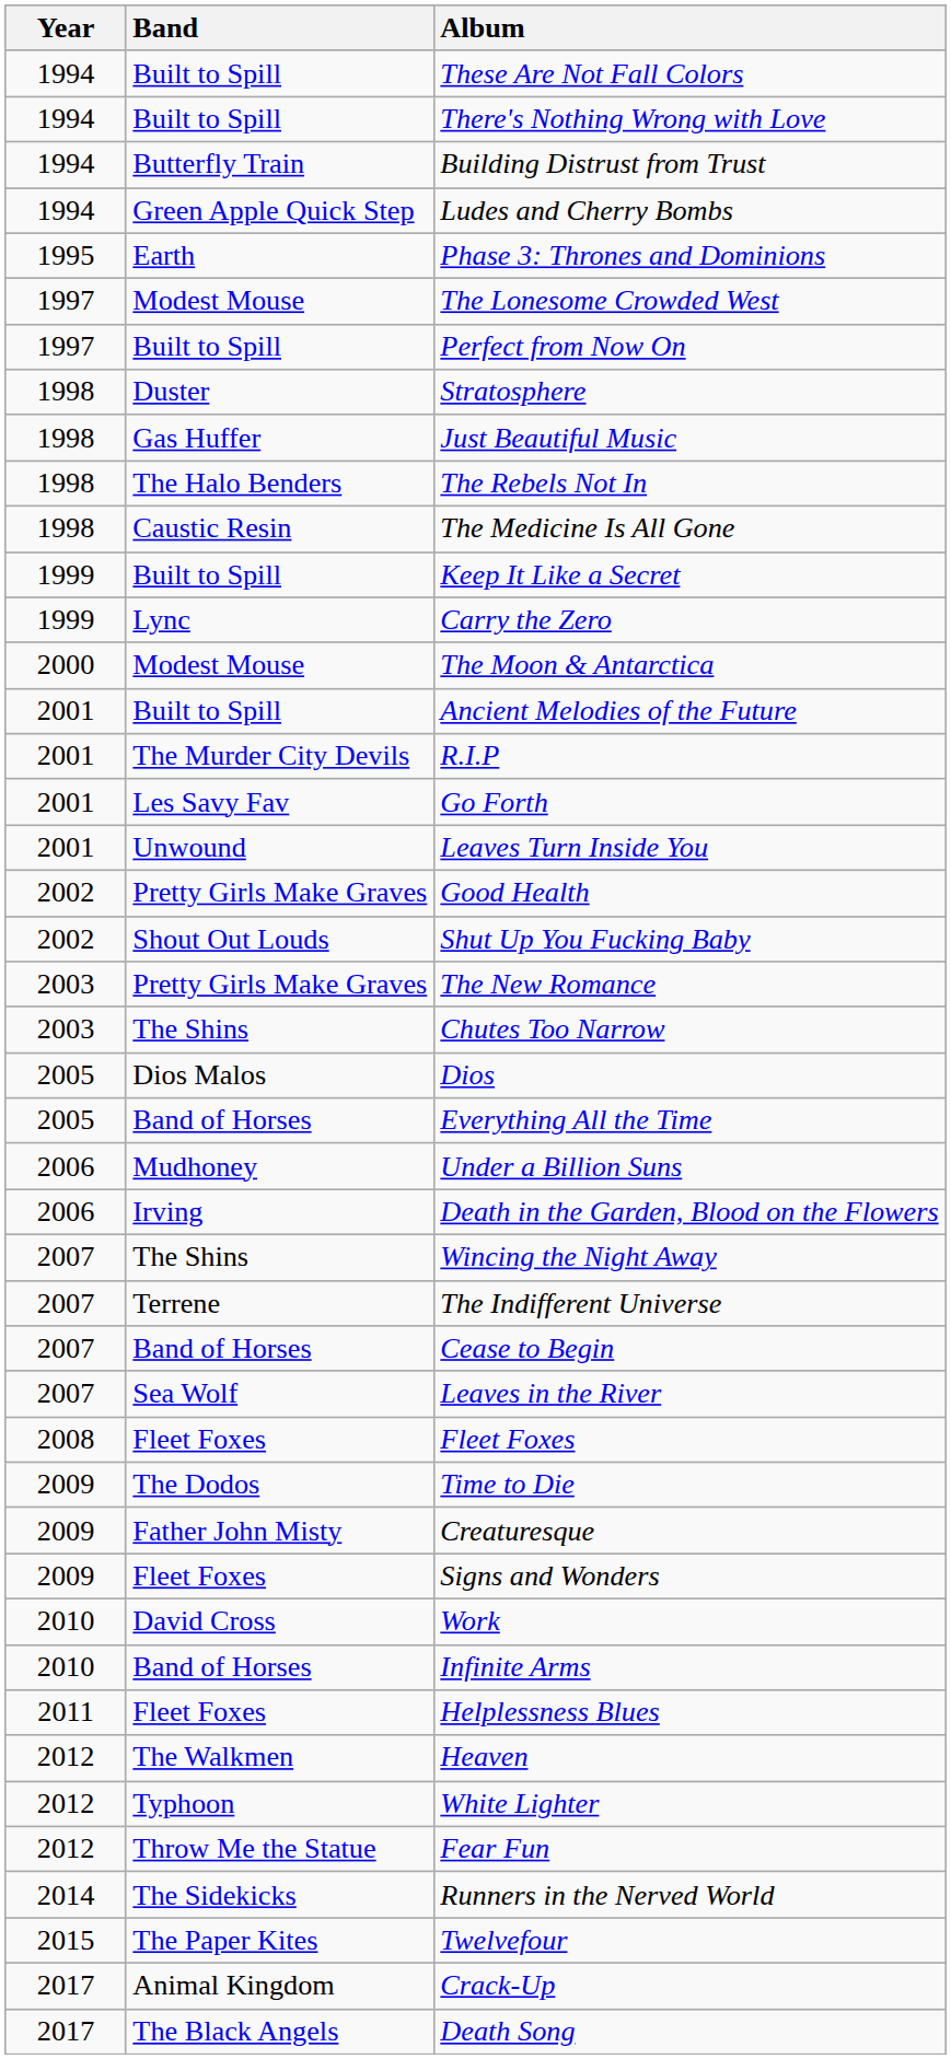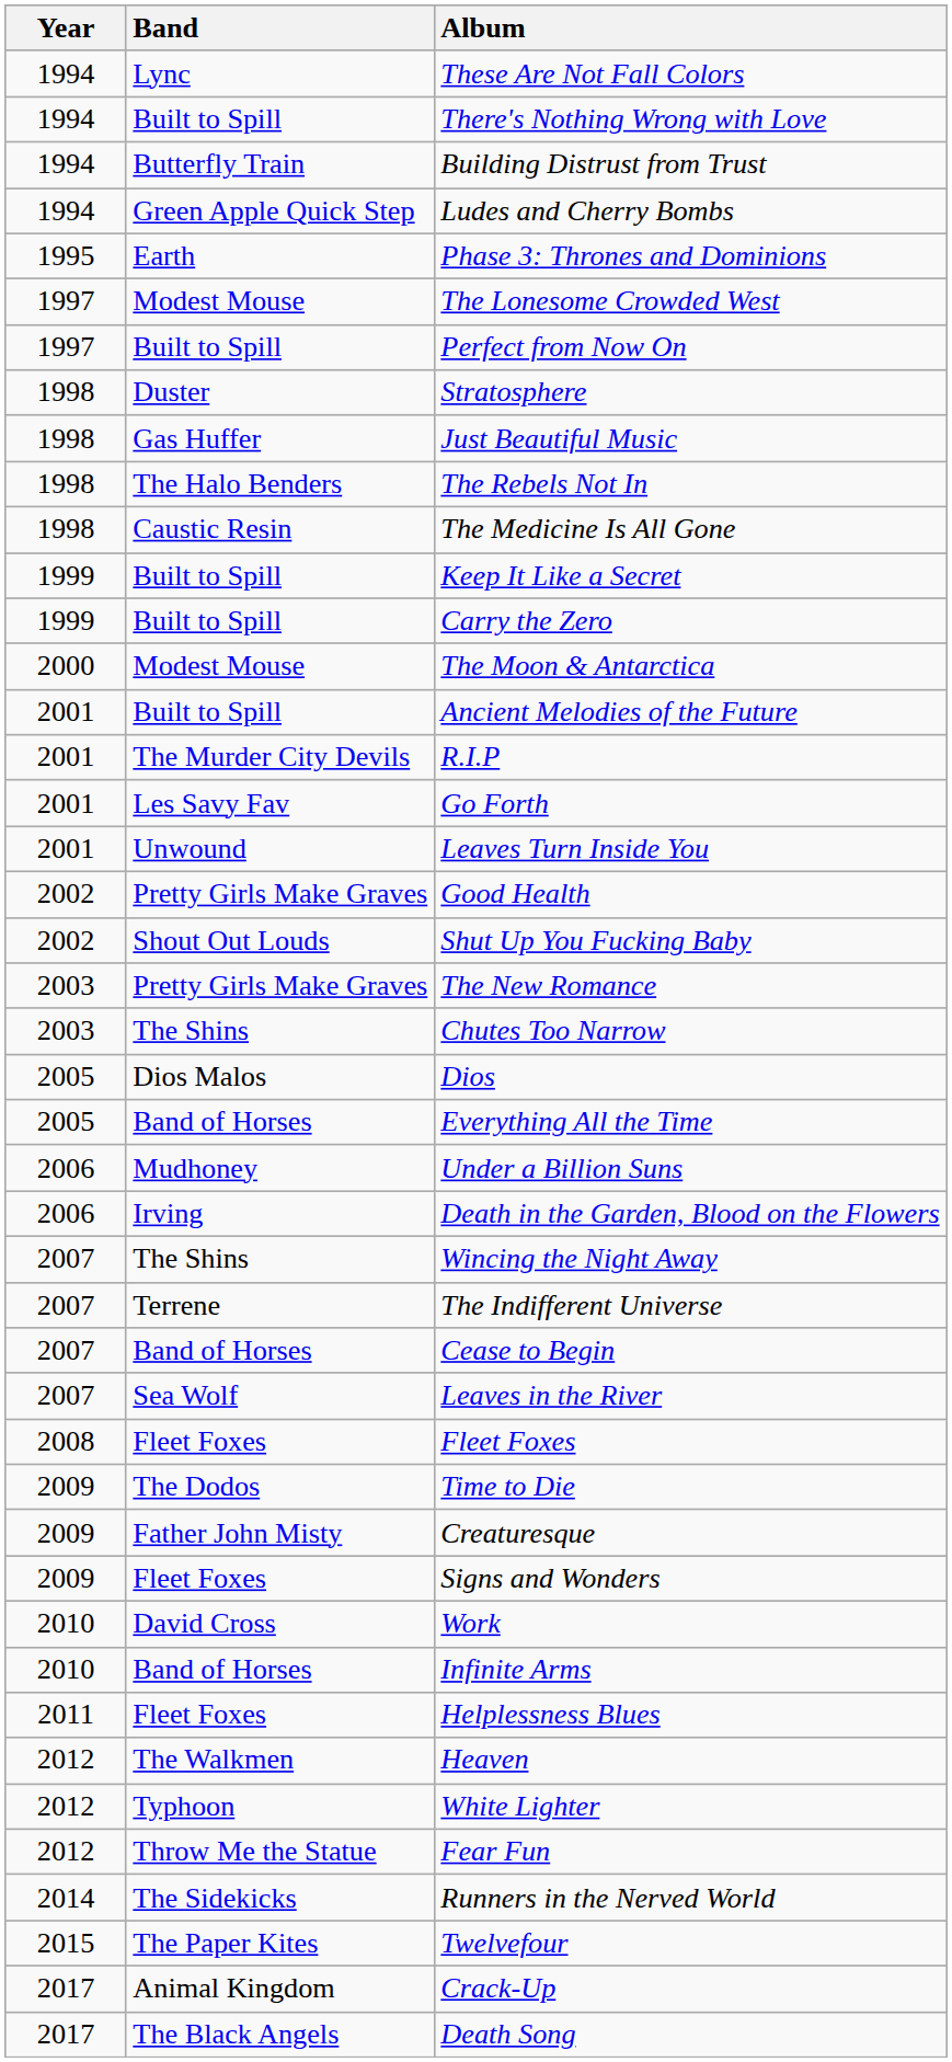 <table class="wikitable">
 <tr>
 <th style="vertical-align:top; text-align:center; width:60px;">Year</th>
 <th style="text-align:left; vertical-align:top;">Band</th>
 <th style="text-align:left; vertical-align:top;">Album</th>
 </tr>
 <tr style="vertical-align:top;">
 <td style="text-align:center; width:40px;">1994</td>
-<td style="text-align:left; vertical-align:top;"><a href='#'>Built to Spill</a></td>
+<td style="text-align:left; "><a href='#'>Lync</a></td>
 <td style="text-align:left; "><em><a href='#'>These Are Not Fall Colors</a></em></td>
 </tr>
 <tr style="vertical-align:top;">
 <td style="text-align:center; width:40px;">1994</td>
 <td style="text-align:left; "><a href='#'>Built to Spill</a></td>
 <td style="text-align:left; "><em><a href='#'>There's Nothing Wrong with Love</a></em></td>
 </tr>
 <tr style="vertical-align:top;">
 <td style="text-align:center; width:40px;">1994</td>
 <td style="text-align:left; "><a href='#'>Butterfly Train</a></td>
 <td style="text-align:left; "><em>Building Distrust from Trust</em></td>
 </tr>
 <tr style="vertical-align:top;">
 <td style="text-align:center; width:40px;">1994</td>
 <td style="text-align:left; "><a href='#'>Green Apple Quick Step</a></td>
 <td style="text-align:left; "><em>Ludes and Cherry Bombs</em></td>
 </tr>
 <tr>
 <td style="vertical-align:top; text-align:center; width:40px;">1995</td>
 <td style="text-align:left; vertical-align:top;"><a href='#'>Earth</a></td>
 <td style="text-align:left; vertical-align:top;"><em><a href='#'>Phase 3: Thrones and Dominions</a></em></td>
 </tr>
 <tr style="vertical-align:top;">
 <td style="text-align:center; width:40px;">1997</td>
 <td style="text-align:left; "><a href='#'>Modest Mouse</a></td>
 <td style="text-align:left; "><em><a href='#'>The Lonesome Crowded West</a></em></td>
 </tr>
 <tr style="vertical-align:top;">
 <td style="text-align:center; width:40px;">1997</td>
 <td style="text-align:left; "><a href='#'>Built to Spill</a></td>
 <td style="text-align:left; "><em><a href='#'>Perfect from Now On</a></em></td>
 </tr>
 <tr>
 <td style="vertical-align:top; text-align:center; width:40px;">1998</td>
 <td><a href='#'>Duster</a></td>
 <td><em><a href='#'>Stratosphere</a></em></td>
 </tr>
 <tr style="vertical-align:top;">
 <td style="text-align:center; width:40px;">1998</td>
 <td style="text-align:left; "><a href='#'>Gas Huffer</a></td>
 <td style="text-align:left; "><em><a href='#'>Just Beautiful Music</a></em></td>
 </tr>
 <tr style="vertical-align:top;">
 <td style="text-align:center; width:40px;">1998</td>
 <td style="text-align:left; "><a href='#'>The Halo Benders</a></td>
 <td style="text-align:left; "><em><a href='#'>The Rebels Not In</a></em></td>
 </tr>
 <tr style="vertical-align:top;">
 <td style="text-align:center; width:40px;">1998</td>
 <td style="text-align:left; "><a href='#'>Caustic Resin</a></td>
 <td style="text-align:left; "><em>The Medicine Is All Gone</em></td>
 </tr>
 <tr style="vertical-align:top;">
 <td style="text-align:center; width:40px;">1999</td>
 <td style="text-align:left; "><a href='#'>Built to Spill</a></td>
 <td style="text-align:left; "><em><a href='#'>Keep It Like a Secret</a></em></td>
 </tr>
 <tr>
 <td style="vertical-align:top; text-align:center; width:40px;">1999</td>
-<td style="text-align:left; "><a href='#'>Lync</a></td>
+<td style="text-align:left; vertical-align:top;"><a href='#'>Built to Spill</a></td>
 <td style="text-align:left; vertical-align:top;"><em><a href='#'>Carry the Zero</a></em></td>
 </tr>
 <tr>
 <td style="vertical-align:top; text-align:center; width:40px;">2000</td>
 <td style="text-align:left; vertical-align:top;"><a href='#'>Modest Mouse</a></td>
 <td style="text-align:left; vertical-align:top;"><em><a href='#'>The Moon & Antarctica</a></em></td>
 </tr>
 <tr style="vertical-align:top;">
 <td style="text-align:center; width:40px;">2001</td>
 <td style="text-align:left; "><a href='#'>Built to Spill</a></td>
 <td style="text-align:left; "><em><a href='#'>Ancient Melodies of the Future</a></em></td>
 </tr>
 <tr style="vertical-align:top;">
 <td style="text-align:center; width:40px;">2001</td>
 <td style="text-align:left; "><a href='#'>The Murder City Devils</a></td>
 <td style="text-align:left; "><em><a href='#'>R.I.P</a></em></td>
 </tr>
 <tr style="vertical-align:top;">
 <td style="text-align:center; width:40px;">2001</td>
 <td style="text-align:left; "><a href='#'>Les Savy Fav</a></td>
 <td style="text-align:left; "><em><a href='#'>Go Forth</a></em></td>
 </tr>
 <tr style="vertical-align:top;">
 <td style="text-align:center; width:40px;">2001</td>
 <td style="text-align:left; "><a href='#'>Unwound</a></td>
 <td style="text-align:left; "><em><a href='#'>Leaves Turn Inside You</a></em></td>
 </tr>
 <tr style="vertical-align:top;">
 <td style="text-align:center; width:40px;">2002</td>
 <td style="text-align:left; "><a href='#'>Pretty Girls Make Graves</a></td>
 <td style="text-align:left; "><em><a href='#'>Good Health</a></em></td>
 </tr>
 <tr style="vertical-align:top;">
 <td style="text-align:center; width:40px;">2002</td>
 <td style="text-align:left; vertical-align:top;"><a href='#'>Shout Out Louds</a></td>
 <td style="text-align:left; "><em><a href='#'>Shut Up You Fucking Baby</a></em></td>
 </tr>
 <tr style="vertical-align:top;">
 <td style="text-align:center; width:40px;">2003</td>
 <td style="text-align:left; "><a href='#'>Pretty Girls Make Graves</a></td>
 <td style="text-align:left; "><em><a href='#'>The New Romance</a></em></td>
 </tr>
 <tr style="vertical-align:top;">
 <td style="text-align:center; width:40px;">2003</td>
 <td style="text-align:left; "><a href='#'>The Shins</a></td>
 <td style="text-align:left; "><em><a href='#'>Chutes Too Narrow</a></em></td>
 </tr>
 <tr>
 <td style="vertical-align:top; text-align:center; width:40px;">2005</td>
 <td style="text-align:left; vertical-align:top;">Dios Malos</td>
 <td style="text-align:left; vertical-align:top;"><em><a href='#'>Dios</a></em></td>
 </tr>
 <tr style="vertical-align:top;">
 <td style="text-align:center; width:40px;">2005</td>
 <td style="text-align:left; "><a href='#'>Band of Horses</a></td>
 <td style="text-align:left; "><em><a href='#'>Everything All the Time</a></em></td>
 </tr>
 <tr style="vertical-align:top;">
 <td style="text-align:center; width:40px;">2006</td>
 <td style="text-align:left; "><a href='#'>Mudhoney</a></td>
 <td style="text-align:left; "><em><a href='#'>Under a Billion Suns</a></em></td>
 </tr>
 <tr>
 <td style="vertical-align:top; text-align:center; width:40px;">2006</td>
 <td style="text-align:left; vertical-align:top;"><a href='#'>Irving</a></td>
 <td style="text-align:left; vertical-align:top;"><em><a href='#'>Death in the Garden, Blood on the Flowers</a></em></td>
 </tr>
 <tr style="vertical-align:top;">
 <td style="text-align:center; width:40px;">2007</td>
 <td style="text-align:left; ">The Shins</td>
 <td style="text-align:left; "><em><a href='#'>Wincing the Night Away</a></em></td>
 </tr>
 <tr style="vertical-align:top;">
 <td style="text-align:center; width:40px;">2007</td>
 <td style="text-align:left; ">Terrene</td>
 <td style="text-align:left; "><em>The Indifferent Universe</em></td>
 </tr>
 <tr style="vertical-align:top;">
 <td style="text-align:center; width:40px;">2007</td>
 <td style="text-align:left; "><a href='#'>Band of Horses</a></td>
 <td style="text-align:left; "><em><a href='#'>Cease to Begin</a></em></td>
 </tr>
 <tr>
 <td style="vertical-align:top; text-align:center; width:40px;">2007</td>
 <td style="text-align:left; vertical-align:top;"><a href='#'>Sea Wolf</a></td>
 <td style="text-align:left; vertical-align:top;"><em><a href='#'>Leaves in the River</a></em></td>
 </tr>
 <tr style="vertical-align:top;">
 <td style="text-align:center; width:40px;">2008</td>
 <td style="text-align:left; "><a href='#'>Fleet Foxes</a></td>
 <td style="text-align:left; "><em><a href='#'>Fleet Foxes</a></em></td>
 </tr>
 <tr style="vertical-align:top;">
 <td style="text-align:center; width:40px;">2009</td>
 <td style="text-align:left; "><a href='#'>The Dodos</a></td>
 <td style="text-align:left; "><em><a href='#'>Time to Die</a></em></td>
 </tr>
 <tr style="vertical-align:top;">
 <td style="text-align:center; width:40px;">2009</td>
 <td style="text-align:left; "><a href='#'>Father John Misty</a></td>
 <td style="text-align:left; "><em>Creaturesque</em></td>
 </tr>
 <tr style="vertical-align:top;">
 <td style="text-align:center; width:40px;">2009</td>
 <td style="text-align:left; "><a href='#'>Fleet Foxes</a></td>
 <td style="text-align:left; "><em>Signs and Wonders</em></td>
 </tr>
 <tr>
 <td style="vertical-align:top; text-align:center; width:40px;">2010</td>
 <td style="text-align:left; "><a href='#'>David Cross</a></td>
 <td style="text-align:left; vertical-align:top;"><em><a href='#'>Work</a></em></td>
 </tr>
 <tr style="vertical-align:top;">
 <td style="text-align:center; width:40px;">2010</td>
 <td style="text-align:left; "><a href='#'>Band of Horses</a></td>
 <td style="text-align:left; "><em><a href='#'>Infinite Arms</a></em></td>
 </tr>
 <tr style="vertical-align:top;">
 <td style="text-align:center; width:40px;">2011</td>
 <td style="text-align:left; "><a href='#'>Fleet Foxes</a></td>
 <td style="text-align:left; "><em><a href='#'>Helplessness Blues</a></em></td>
 </tr>
 <tr>
 <td style="vertical-align:top; text-align:center; width:40px;">2012</td>
 <td style="text-align:left; vertical-align:top;"><a href='#'>The Walkmen</a></td>
 <td style="text-align:left; vertical-align:top;"><em><a href='#'>Heaven</a></em></td>
 </tr>
 <tr>
 <td style="vertical-align:top; text-align:center; width:40px;">2012</td>
 <td style="text-align:left; vertical-align:top;"><a href='#'>Typhoon</a></td>
 <td style="text-align:left; vertical-align:top;"><em><a href='#'>White Lighter</a></em></td>
 </tr>
 <tr style="vertical-align:top;">
 <td style="text-align:center; width:40px;">2012</td>
 <td style="text-align:left; "><a href='#'>Throw Me the Statue</a></td>
 <td style="text-align:left; "><em><a href='#'>Fear Fun</a></em></td>
 </tr>
 <tr>
 <td style="text-align:center; width:40px;">2014</td>
 <td style="text-align:left; "><a href='#'>The Sidekicks</a></td>
 <td style="text-align:left; "><em>Runners in the Nerved World</em></td>
 </tr>
 <tr>
 <td style="text-align:center; width:40px;">2015</td>
 <td style="text-align:left; "><a href='#'>The Paper Kites</a></td>
 <td style="text-align:left; "><em><a href='#'>Twelvefour</a></em></td>
 </tr>
 <tr>
 <td style="text-align:center; width:40px;">2017</td>
 <td style="text-align:left; ">Animal Kingdom</td>
 <td style="text-align:left; "><em><a href='#'>Crack-Up</a></em></td>
 </tr>
 <tr>
 <td style="text-align:center; width:40px;">2017</td>
 <td><a href='#'>The Black Angels</a></td>
 <td><em><a href='#'>Death Song</a></em></td>
 </tr>
 </table>
